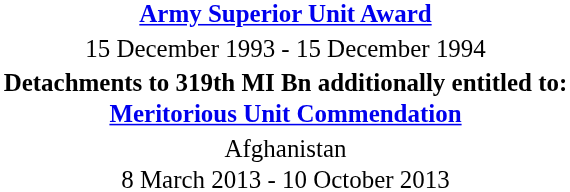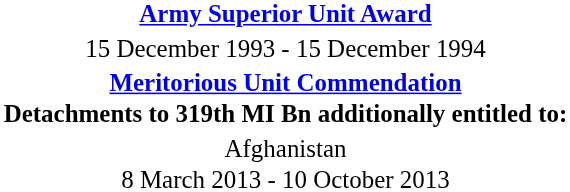 <table border="0" cellpadding="1" cellspacing="0" align="center">
 <tr>
 <th style="background: "><a href='#'>Army Superior Unit Award</a></th>
 </tr>
 <tr style="text-align: center;">
 <td></td>
 </tr>
 <tr style="text-align: center;">
 <td>15 December 1993 - 15 December 1994</td>
 </tr>
 <tr style="text-align: center;">
 <td></td>
 </tr>
 <tr style="text-align: center;">
-<td><strong>Detachments to 319th MI Bn additionally entitled to:</strong></td>
+<td><strong><a href='#'>Meritorious Unit Commendation</a></strong></td>
 </tr>
 <tr style="text-align: center;">
-<td><strong><a href='#'>Meritorious Unit Commendation</a></strong></td>
+<td><strong>Detachments to 319th MI Bn additionally entitled to:</strong></td>
 </tr>
 <tr style="text-align: center;">
 <td></td>
 </tr>
 <tr style="text-align: center;">
 <td>Afghanistan</td>
 </tr>
 <tr style="text-align: center;">
 <td>8 March 2013 - 10 October 2013</td>
 </tr>
 </table>
